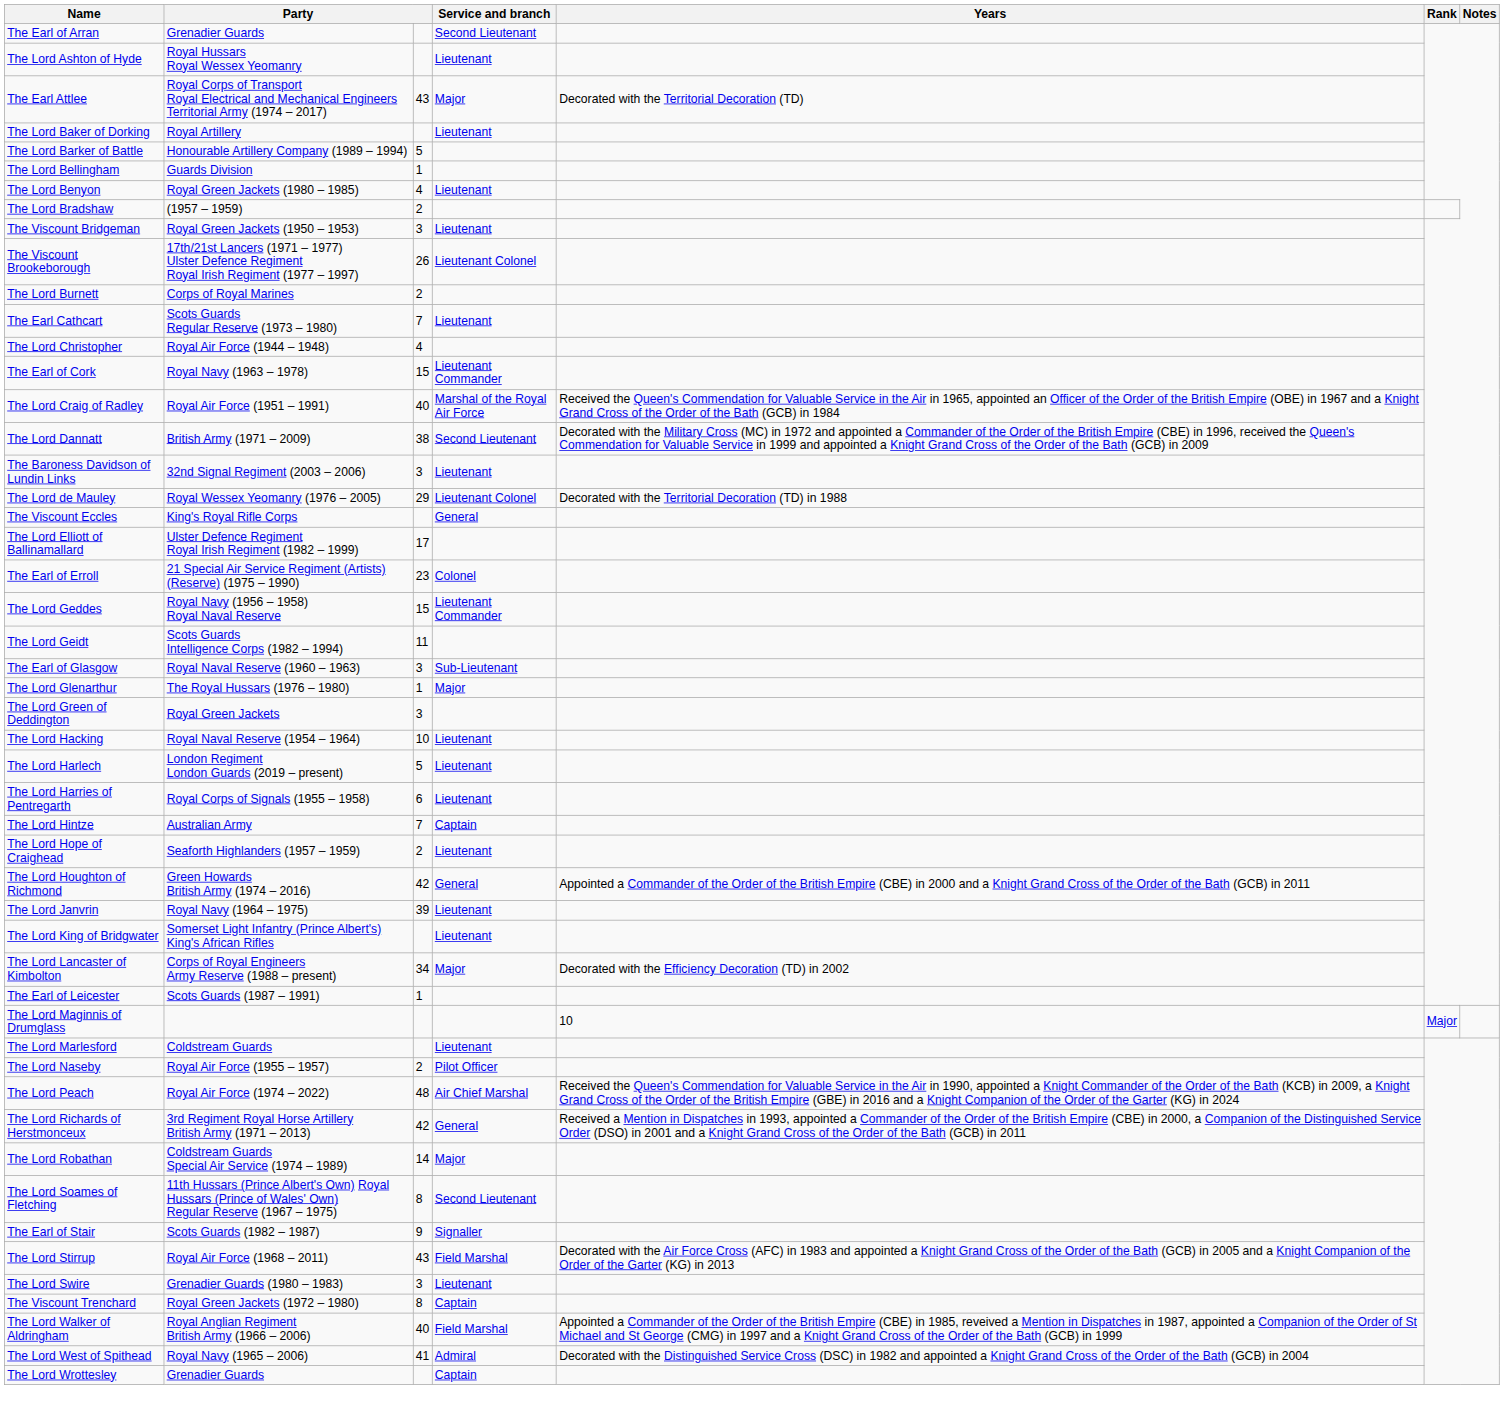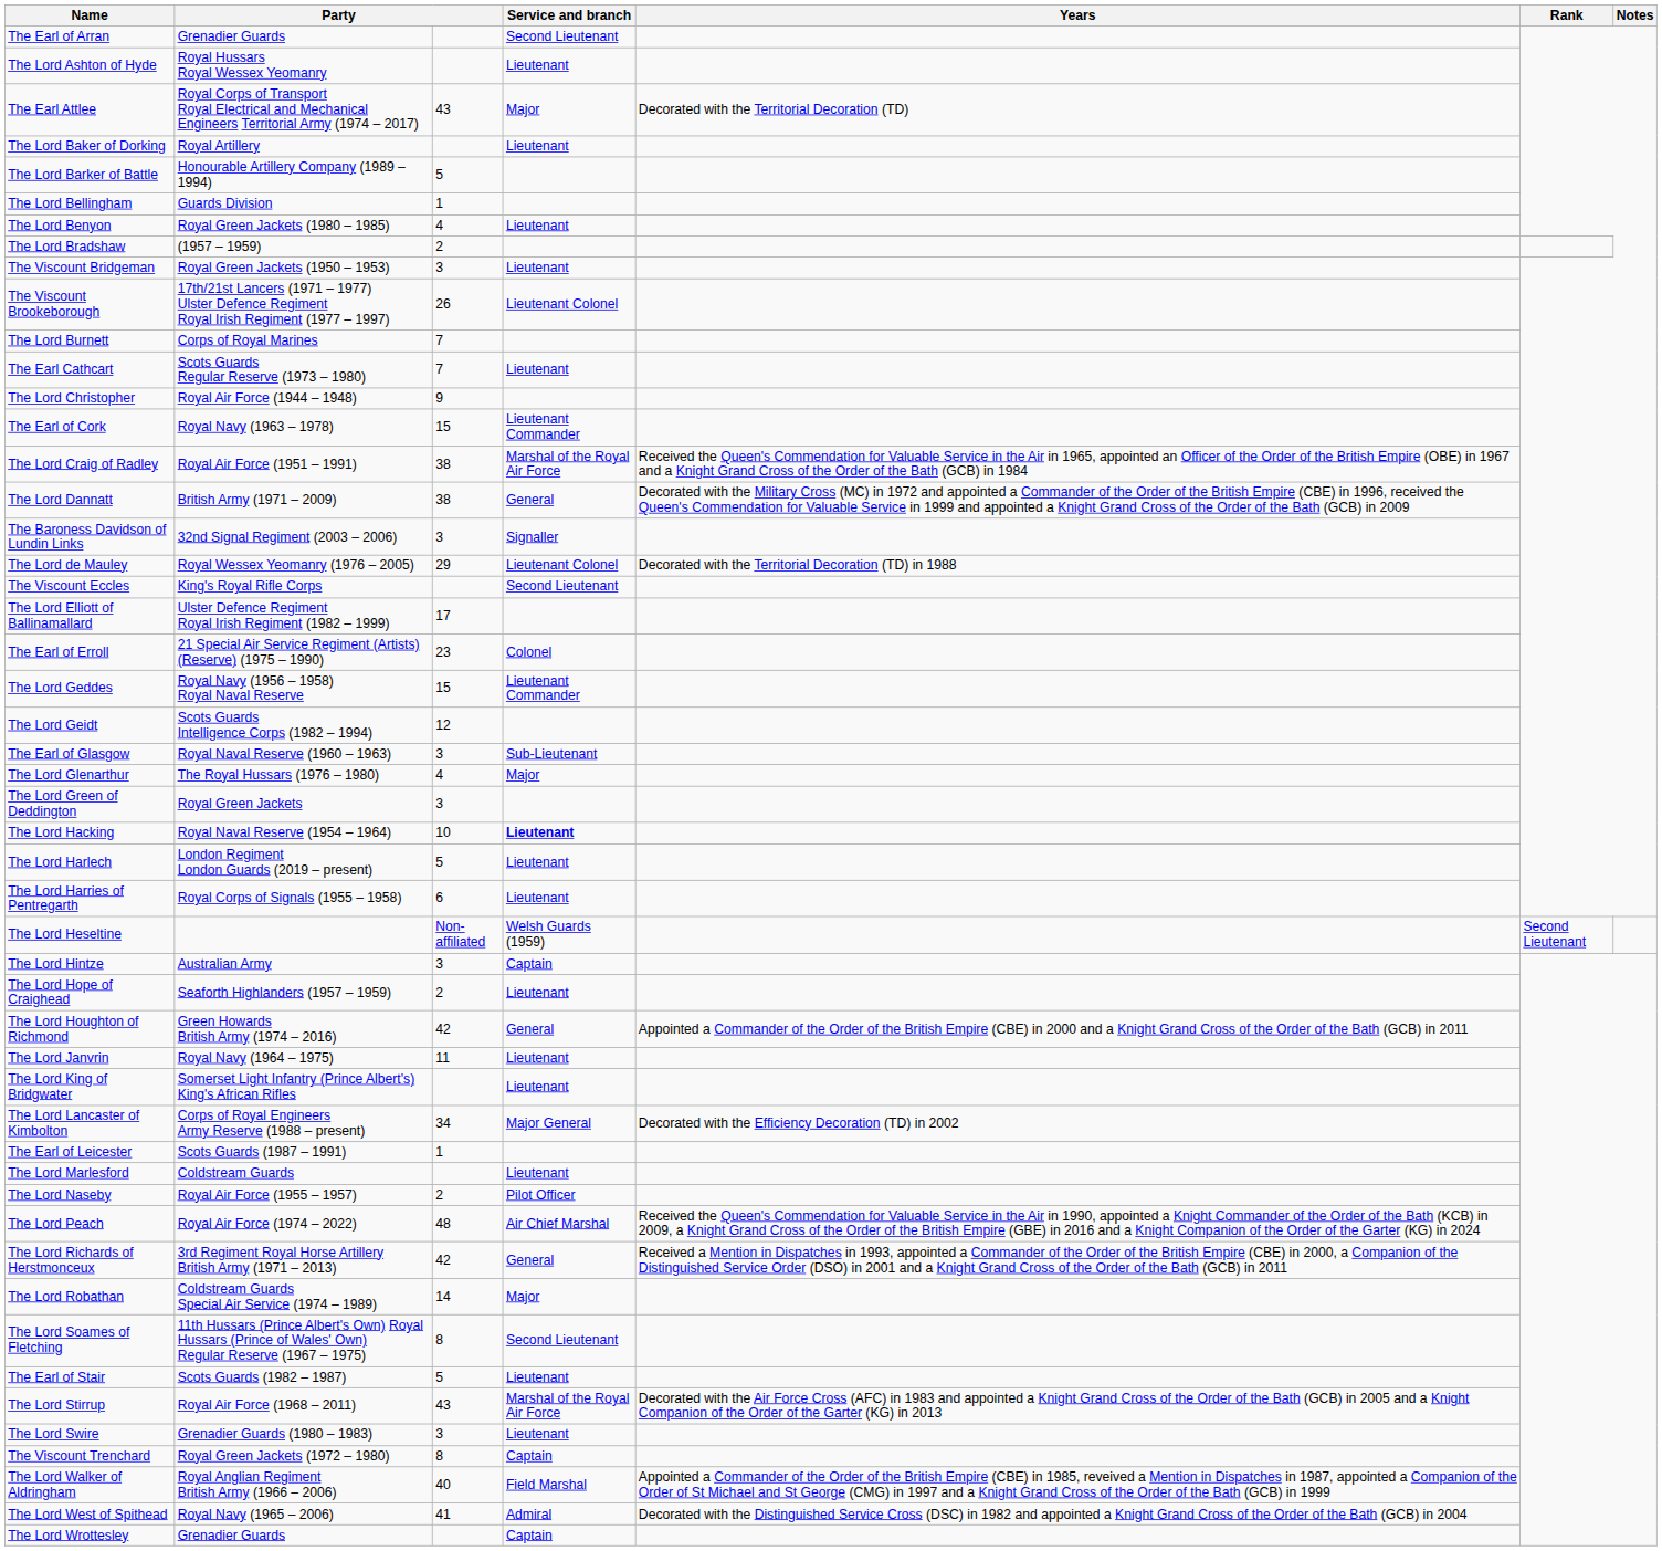 <table class=wikitable>
 <tr>
 <th>Name</th>
 <th colspan=2>Party</th>
 <th>Service and branch</th>
 <th>Years</th>
 <th>Rank</th>
 <th>Notes</th>
 </tr>
 <tr class="vcard">
 <td><a href='#'>The Earl of Arran</a><br></td>
 <td><a href='#'>Grenadier Guards</a></td>
 <td></td>
 <td><a href='#'>Second Lieutenant</a></td>
 <td></td>
 </tr>
 <tr class="vcard">
 <td><a href='#'>The Lord Ashton of Hyde</a><br></td>
 <td><a href='#'>Royal Hussars</a><br><a href='#'>Royal Wessex Yeomanry</a></td>
 <td></td>
 <td><a href='#'>Lieutenant</a></td>
 <td></td>
 </tr>
 <tr>
 <td><a href='#'>The Earl Attlee</a><br></td>
 <td><a href='#'>Royal Corps of Transport</a><br><a href='#'>Royal Electrical and Mechanical Engineers</a> <a href='#'>Territorial Army</a> (1974 – 2017)</td>
 <td>43</td>
 <td><a href='#'>Major</a></td>
 <td>Decorated with the <a href='#'>Territorial Decoration</a> (TD)</td>
 </tr>
 <tr class="vcard">
 <td><a href='#'>The Lord Baker of Dorking</a><br></td>
 <td><a href='#'>Royal Artillery</a></td>
 <td></td>
 <td><a href='#'>Lieutenant</a></td>
 <td></td>
 </tr>
 <tr>
 <td><a href='#'>The Lord Barker of Battle</a><br></td>
 <td><a href='#'>Honourable Artillery Company</a> (1989 – 1994)</td>
 <td>5</td>
 <td></td>
 <td></td>
 </tr>
 <tr>
 <td><a href='#'>The Lord Bellingham</a><br></td>
 <td><a href='#'>Guards Division</a></td>
 <td>1</td>
 <td></td>
 <td></td>
 </tr>
 <tr class="vcard">
 <td><a href='#'>The Lord Benyon</a><br></td>
 <td><a href='#'>Royal Green Jackets</a> (1980 – 1985)</td>
 <td>4</td>
 <td><a href='#'>Lieutenant</a></td>
 <td></td>
 </tr>
 <tr>
 <td><a href='#'>The Lord Bradshaw</a><br></td>
 <td>(1957 – 1959)</td>
 <td>2</td>
 <td></td>
 <td></td>
 <td></td>
 </tr>
 <tr class="vcard">
 <td><a href='#'>The Viscount Bridgeman</a><br></td>
 <td><a href='#'>Royal Green Jackets</a> (1950 – 1953)</td>
 <td>3</td>
 <td><a href='#'>Lieutenant</a></td>
 <td></td>
 </tr>
 <tr class="vcard">
 <td><a href='#'>The Viscount Brookeborough</a><br></td>
 <td><a href='#'>17th/21st Lancers</a> (1971 – 1977)<br><a href='#'>Ulster Defence Regiment</a> <br><a href='#'>Royal Irish Regiment</a> (1977 – 1997)</td>
 <td>26</td>
 <td><a href='#'>Lieutenant Colonel</a></td>
 <td></td>
 </tr>
 <tr class="vcard">
 <td><a href='#'>The Lord Burnett</a><br></td>
 <td><a href='#'>Corps of Royal Marines</a></td>
-<td>2</td>
+<td>7</td>
 <td></td>
 <td></td>
 </tr>
 <tr class="vcard">
 <td><a href='#'>The Earl Cathcart</a><br></td>
 <td><a href='#'>Scots Guards</a><br><a href='#'>Regular Reserve</a> (1973 – 1980)</td>
 <td>7</td>
 <td><a href='#'>Lieutenant</a></td>
 <td></td>
 </tr>
 <tr class="vcard">
 <td><a href='#'>The Lord Christopher</a><br></td>
 <td><a href='#'>Royal Air Force</a> (1944 – 1948)</td>
-<td>4</td>
+<td>9</td>
 <td></td>
 <td></td>
 </tr>
 <tr class="vcard">
 <td><a href='#'>The Earl of Cork</a><br></td>
 <td><a href='#'>Royal Navy</a> (1963 – 1978)</td>
 <td>15</td>
 <td><a href='#'>Lieutenant Commander</a></td>
 <td></td>
 </tr>
 <tr>
 <td><a href='#'>The Lord Craig of Radley</a><br></td>
 <td><a href='#'>Royal Air Force</a> (1951 – 1991)</td>
-<td>40</td>
+<td>38</td>
 <td><a href='#'>Marshal of the Royal Air Force</a></td>
 <td>Received the <a href='#'>Queen's Commendation for Valuable Service in the Air</a> in 1965, appointed an <a href='#'>Officer of the Order of the British Empire</a> (OBE) in 1967 and a <a href='#'>Knight Grand Cross of the Order of the Bath</a> (GCB) in 1984</td>
 </tr>
 <tr class="vcard">
 <td><a href='#'>The Lord Dannatt</a><br></td>
 <td><a href='#'>British Army</a> (1971 – 2009)</td>
 <td>38</td>
-<td><a href='#'>Second Lieutenant</a></td>
+<td><a href='#'>General</a></td>
 <td>Decorated with the <a href='#'>Military Cross</a> (MC) in 1972 and appointed a <a href='#'>Commander of the Order of the British Empire</a> (CBE) in 1996, received the <a href='#'>Queen's Commendation for Valuable Service</a> in 1999 and appointed a <a href='#'>Knight Grand Cross of the Order of the Bath</a> (GCB) in 2009</td>
 </tr>
 <tr class="vcard">
 <td><a href='#'>The Baroness Davidson of Lundin Links</a><br></td>
 <td><a href='#'>32nd Signal Regiment</a> (2003 – 2006)</td>
 <td>3</td>
-<td><a href='#'>Lieutenant</a></td>
+<td><a href='#'>Signaller</a></td>
 <td></td>
 </tr>
 <tr class="vcard">
 <td><a href='#'>The Lord de Mauley</a><br></td>
 <td><a href='#'>Royal Wessex Yeomanry</a> (1976 – 2005)</td>
 <td>29</td>
 <td><a href='#'>Lieutenant Colonel</a></td>
 <td>Decorated with the <a href='#'>Territorial Decoration</a> (TD) in 1988</td>
 </tr>
 <tr class="vcard">
 <td><a href='#'>The Viscount Eccles</a><br></td>
 <td><a href='#'>King's Royal Rifle Corps</a></td>
 <td></td>
-<td><a href='#'>General</a></td>
+<td><a href='#'>Second Lieutenant</a></td>
 <td></td>
 </tr>
 <tr>
 <td><a href='#'>The Lord Elliott of Ballinamallard</a><br></td>
 <td><a href='#'>Ulster Defence Regiment</a><br><a href='#'>Royal Irish Regiment</a> (1982 – 1999)</td>
 <td>17</td>
 <td></td>
 <td></td>
 </tr>
 <tr class="vcard">
 <td><a href='#'>The Earl of Erroll</a><br></td>
 <td><a href='#'>21 Special Air Service Regiment (Artists) (Reserve)</a> (1975 – 1990)</td>
 <td>23</td>
 <td><a href='#'>Colonel</a></td>
 <td></td>
 </tr>
 <tr class="vcard">
 <td><a href='#'>The Lord Geddes</a><br></td>
 <td><a href='#'>Royal Navy</a> (1956 – 1958)<br><a href='#'>Royal Naval Reserve</a></td>
 <td>15</td>
 <td><a href='#'>Lieutenant Commander</a></td>
 <td></td>
 </tr>
 <tr>
 <td><a href='#'>The Lord Geidt</a><br></td>
 <td><a href='#'>Scots Guards</a><br><a href='#'>Intelligence Corps</a> (1982 – 1994)</td>
-<td>11</td>
+<td>12</td>
 <td></td>
 <td></td>
 </tr>
 <tr class="vcard">
 <td><a href='#'>The Earl of Glasgow</a><br></td>
 <td><a href='#'>Royal Naval Reserve</a> (1960 – 1963)</td>
 <td>3</td>
 <td><a href='#'>Sub-Lieutenant</a></td>
 <td></td>
 </tr>
 <tr class="vcard">
 <td><a href='#'>The Lord Glenarthur</a><br></td>
 <td><a href='#'>The Royal Hussars</a> (1976 – 1980)</td>
-<td>1</td>
+<td>4</td>
 <td><a href='#'>Major</a></td>
 <td></td>
 </tr>
 <tr>
 <td><a href='#'>The Lord Green of Deddington</a><br></td>
 <td><a href='#'>Royal Green Jackets</a></td>
 <td>3</td>
 <td></td>
 <td></td>
 </tr>
 <tr class="vcard">
 <td><a href='#'>The Lord Hacking</a><br></td>
 <td><a href='#'>Royal Naval Reserve</a> (1954 – 1964)</td>
 <td>10</td>
-<td><a href='#'>Lieutenant</a></td>
+<td><strong><a href='#'>Lieutenant</a></strong></td>
 <td></td>
 </tr>
 <tr>
 <td><a href='#'>The Lord Harlech</a><br></td>
 <td><a href='#'>London Regiment</a><br><a href='#'>London Guards</a> (2019 – present)</td>
 <td>5</td>
 <td><a href='#'>Lieutenant</a></td>
 <td></td>
 </tr>
 <tr class="vcard">
 <td><a href='#'>The Lord Harries of Pentregarth</a><br></td>
 <td><a href='#'>Royal Corps of Signals</a> (1955 – 1958)</td>
 <td>6</td>
 <td><a href='#'>Lieutenant</a></td>
 <td></td>
 </tr>
 <tr class="vcard">
+<td><a href='#'>The Lord Heseltine</a></td>
+<td style="background-color: "></td>
+<td><a href='#'>Non-affiliated</a></td>
+<td><a href='#'>Welsh Guards</a> (1959)</td>
+<td></td>
+<td><a href='#'>Second Lieutenant</a></td>
+<td></td>
+</tr>
+<tr class="vcard">
 <td><a href='#'>The Lord Hintze</a><br></td>
 <td><a href='#'>Australian Army</a></td>
-<td>7</td>
+<td>3</td>
 <td><a href='#'>Captain</a></td>
 <td></td>
 </tr>
 <tr class="vcard">
 <td><a href='#'>The Lord Hope of Craighead</a><br></td>
 <td><a href='#'>Seaforth Highlanders</a> (1957 – 1959)</td>
 <td>2</td>
 <td><a href='#'>Lieutenant</a></td>
 <td></td>
 </tr>
 <tr>
 <td><a href='#'>The Lord Houghton of Richmond</a><br></td>
 <td><a href='#'>Green Howards</a><br><a href='#'>British Army</a> (1974 – 2016)</td>
 <td>42</td>
 <td><a href='#'>General</a></td>
 <td>Appointed a <a href='#'>Commander of the Order of the British Empire</a> (CBE) in 2000 and a <a href='#'>Knight Grand Cross of the Order of the Bath</a> (GCB) in 2011</td>
 </tr>
 <tr class="vcard">
 <td><a href='#'>The Lord Janvrin</a><br></td>
 <td><a href='#'>Royal Navy</a> (1964 – 1975)</td>
-<td>39</td>
+<td>11</td>
 <td><a href='#'>Lieutenant</a></td>
 <td></td>
 </tr>
 <tr class="vcard">
 <td><a href='#'>The Lord King of Bridgwater</a><br></td>
 <td><a href='#'>Somerset Light Infantry (Prince Albert's)</a><br><a href='#'>King's African Rifles</a></td>
 <td></td>
 <td><a href='#'>Lieutenant</a></td>
 <td></td>
 </tr>
 <tr class="vcard">
 <td><a href='#'>The Lord Lancaster of Kimbolton</a><br></td>
 <td><a href='#'>Corps of Royal Engineers</a><br><a href='#'>Army Reserve</a> (1988 – present)</td>
 <td>34</td>
-<td><a href='#'>Major</a></td>
+<td><a href='#'>Major General</a></td>
 <td>Decorated with the <a href='#'>Efficiency Decoration</a> (TD) in 2002</td>
 </tr>
 <tr class="vcard">
 <td><a href='#'>The Earl of Leicester</a><br></td>
 <td><a href='#'>Scots Guards</a> (1987 – 1991)</td>
 <td>1</td>
 <td></td>
-<td></td>
-</tr>
-<tr class="vcard">
-<td><a href='#'>The Lord Maginnis of Drumglass</a></td>
-<td style="background-color: "></td>
-<td></td>
-<td></td>
-<td>10</td>
-<td><a href='#'>Major</a></td>
 <td></td>
 </tr>
 <tr>
 <td><a href='#'>The Lord Marlesford</a><br></td>
 <td><a href='#'>Coldstream Guards</a></td>
 <td></td>
 <td><a href='#'>Lieutenant</a></td>
 <td></td>
 </tr>
 <tr>
 <td><a href='#'>The Lord Naseby</a><br></td>
 <td><a href='#'>Royal Air Force</a> (1955 – 1957)</td>
 <td>2</td>
 <td><a href='#'>Pilot Officer</a></td>
 <td></td>
 </tr>
 <tr class="vcard">
 <td><a href='#'>The Lord Peach</a><br></td>
 <td><a href='#'>Royal Air Force</a> (1974 – 2022)</td>
 <td>48</td>
 <td><a href='#'>Air Chief Marshal</a></td>
 <td>Received the <a href='#'>Queen's Commendation for Valuable Service in the Air</a> in 1990, appointed a <a href='#'>Knight Commander of the Order of the Bath</a> (KCB) in 2009, a <a href='#'>Knight Grand Cross of the Order of the British Empire</a> (GBE) in 2016 and a <a href='#'>Knight Companion of the Order of the Garter</a> (KG) in 2024</td>
 </tr>
 <tr>
 <td><a href='#'>The Lord Richards of Herstmonceux</a><br></td>
 <td><a href='#'>3rd Regiment Royal Horse Artillery</a><br><a href='#'>British Army</a> (1971 – 2013)</td>
 <td>42</td>
 <td><a href='#'>General</a></td>
 <td>Received a <a href='#'>Mention in Dispatches</a> in 1993, appointed a <a href='#'>Commander of the Order of the British Empire</a> (CBE) in 2000, a <a href='#'>Companion of the Distinguished Service Order</a> (DSO) in 2001 and a <a href='#'>Knight Grand Cross of the Order of the Bath</a> (GCB) in 2011</td>
 </tr>
 <tr class="vcard">
 <td><a href='#'>The Lord Robathan</a><br></td>
 <td><a href='#'>Coldstream Guards</a><br><a href='#'>Special Air Service</a> (1974 – 1989)</td>
 <td>14</td>
 <td><a href='#'>Major</a></td>
 <td></td>
 </tr>
 <tr class="vcard">
 <td><a href='#'>The Lord Soames of Fletching</a><br></td>
 <td><a href='#'>11th Hussars (Prince Albert's Own)</a> <a href='#'>Royal Hussars (Prince of Wales' Own)</a><br><a href='#'>Regular Reserve</a> (1967 – 1975)</td>
 <td>8</td>
 <td><a href='#'>Second Lieutenant</a></td>
 <td></td>
 </tr>
 <tr>
 <td><a href='#'>The Earl of Stair</a><br></td>
 <td><a href='#'>Scots Guards</a> (1982 – 1987)</td>
-<td>9</td>
-<td><a href='#'>Signaller</a></td>
+<td>5</td>
+<td><a href='#'>Lieutenant</a></td>
 <td></td>
 </tr>
 <tr class="vcard">
 <td><a href='#'>The Lord Stirrup</a><br></td>
 <td><a href='#'>Royal Air Force</a> (1968 – 2011)</td>
 <td>43</td>
-<td><a href='#'>Field Marshal</a></td>
+<td><a href='#'>Marshal of the Royal Air Force</a></td>
 <td>Decorated with the <a href='#'>Air Force Cross</a> (AFC) in 1983 and appointed a <a href='#'>Knight Grand Cross of the Order of the Bath</a> (GCB) in 2005 and a <a href='#'>Knight Companion of the Order of the Garter</a> (KG) in 2013</td>
 </tr>
 <tr class="vcard">
 <td><a href='#'>The Lord Swire</a><br></td>
 <td><a href='#'>Grenadier Guards</a> (1980 – 1983)</td>
 <td>3</td>
 <td><a href='#'>Lieutenant</a></td>
 <td></td>
 </tr>
 <tr class="vcard">
 <td><a href='#'>The Viscount Trenchard</a><br></td>
 <td><a href='#'>Royal Green Jackets</a> (1972 – 1980)</td>
 <td>8</td>
 <td><a href='#'>Captain</a></td>
 <td></td>
 </tr>
 <tr class="vcard">
 <td><a href='#'>The Lord Walker of Aldringham</a><br></td>
 <td><a href='#'>Royal Anglian Regiment</a><br><a href='#'>British Army</a> (1966 – 2006)</td>
 <td>40</td>
 <td><a href='#'>Field Marshal</a></td>
 <td>Appointed a <a href='#'>Commander of the Order of the British Empire</a> (CBE) in 1985, reveived a <a href='#'>Mention in Dispatches</a> in 1987, appointed a <a href='#'>Companion of the Order of St Michael and St George</a> (CMG) in 1997 and a <a href='#'>Knight Grand Cross of the Order of the Bath</a> (GCB) in 1999</td>
 </tr>
 <tr class="vcard">
 <td><a href='#'>The Lord West of Spithead</a><br></td>
 <td><a href='#'>Royal Navy</a> (1965 – 2006)</td>
 <td>41</td>
 <td><a href='#'>Admiral</a></td>
 <td>Decorated with the <a href='#'>Distinguished Service Cross</a> (DSC) in 1982 and appointed a <a href='#'>Knight Grand Cross of the Order of the Bath</a> (GCB) in 2004</td>
 </tr>
 <tr class="vcard">
 <td><a href='#'>The Lord Wrottesley</a><br></td>
 <td><a href='#'>Grenadier Guards</a></td>
 <td></td>
 <td><a href='#'>Captain</a></td>
 <td></td>
 </tr>
 </table>
